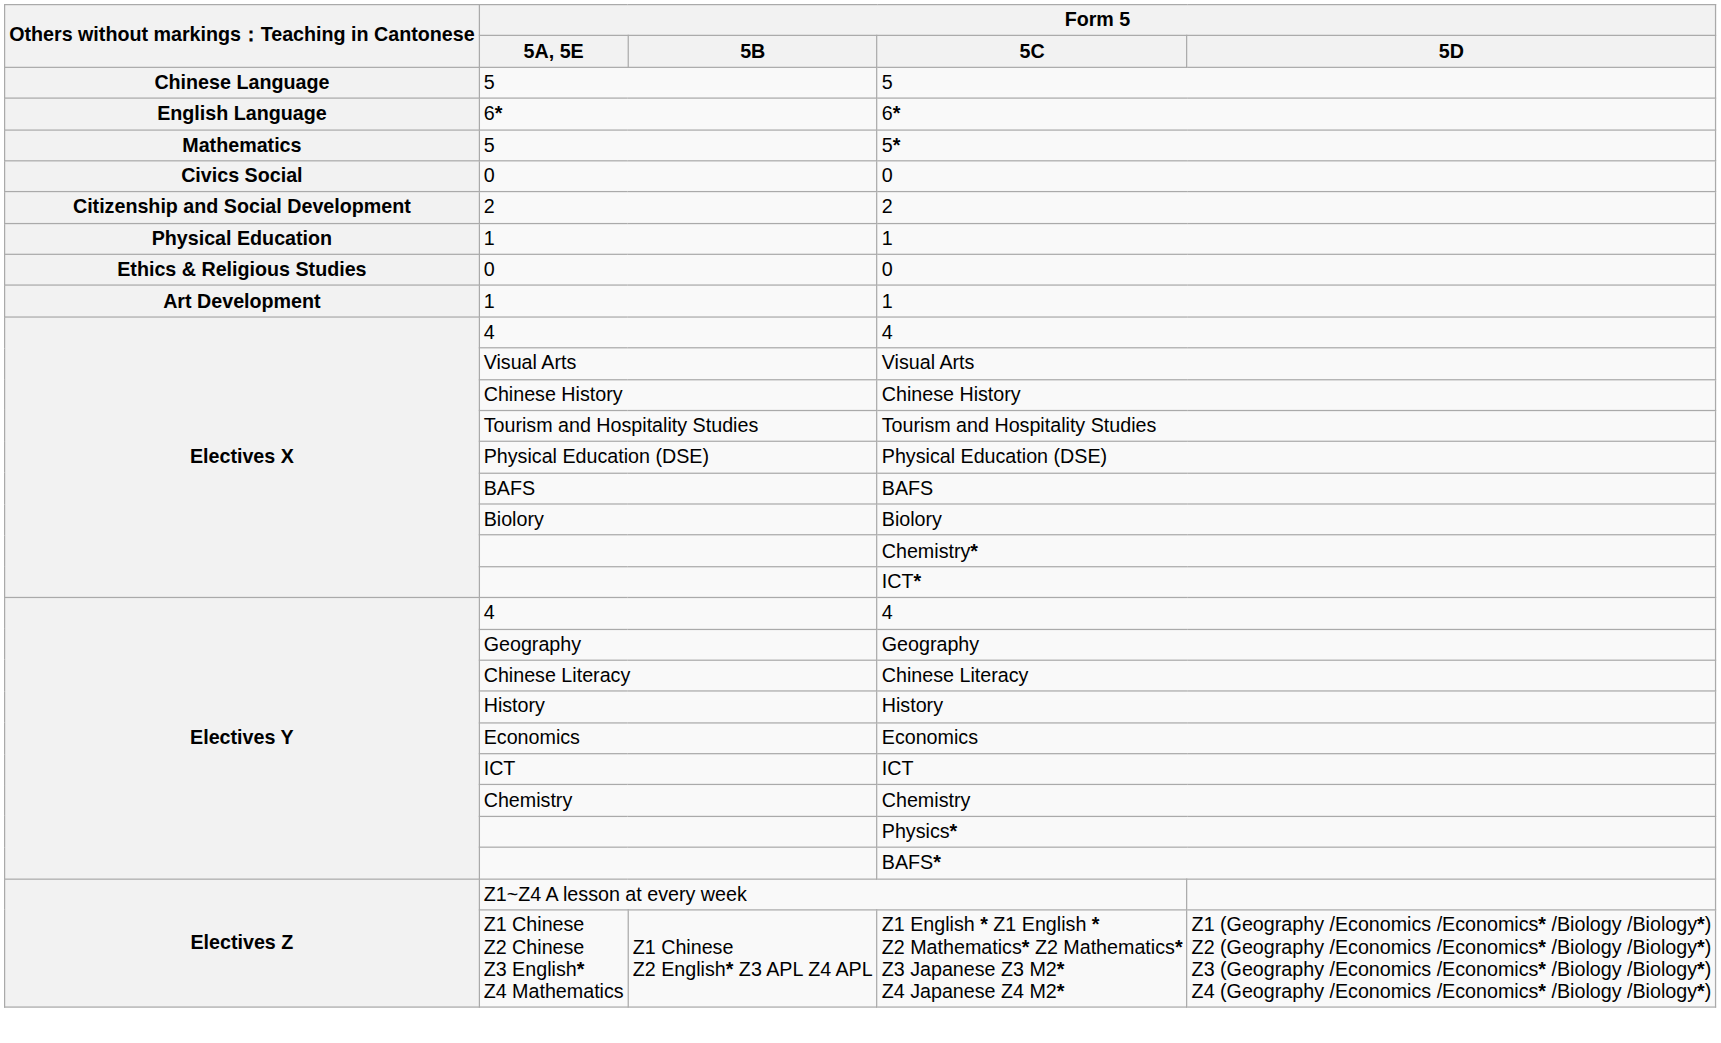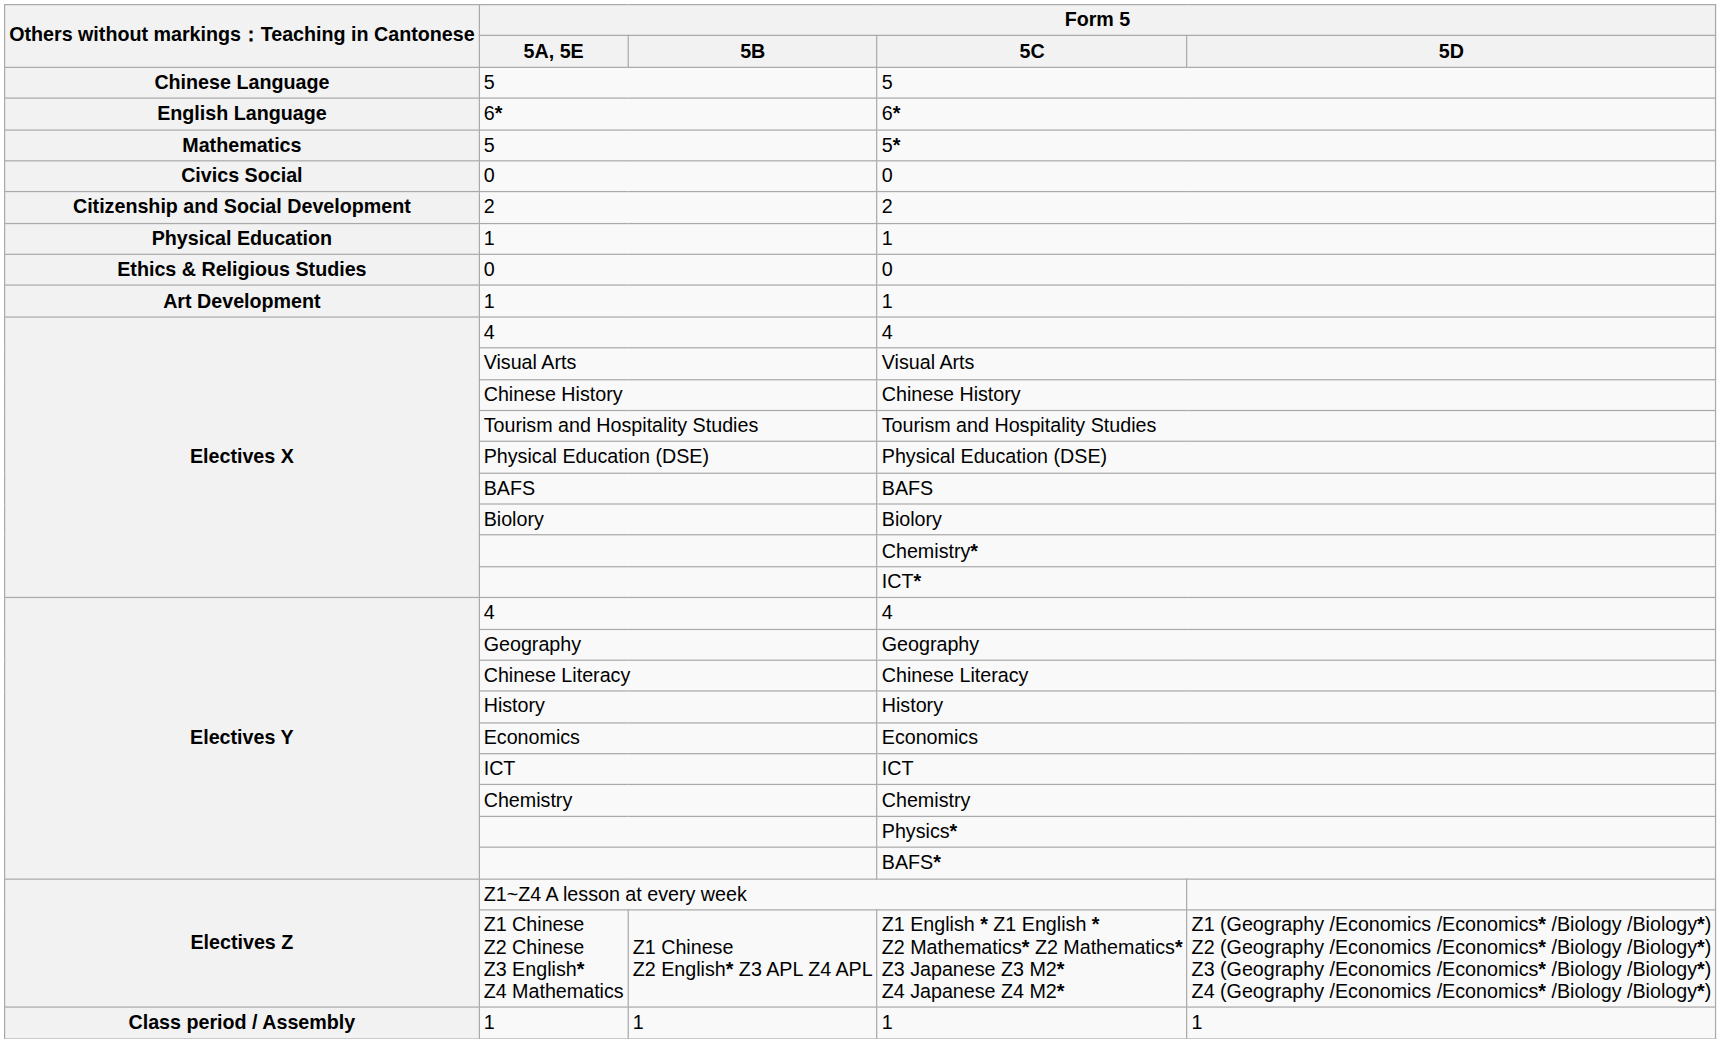 <table class="wikitable">
 <tr>
 <th rowspan="2">Others without markings<strong>：Teaching in Cantonese</strong></th>
 <th colspan="4">Form 5</th>
 </tr>
 <tr>
 <th>5A, 5E</th>
 <th>5B</th>
 <th>5C</th>
 <th>5D</th>
 </tr>
 <tr>
 <th>Chinese Language</th>
 <td colspan="2">5</td>
 <td colspan="2">5</td>
 </tr>
 <tr>
 <th>English Language</th>
 <td colspan="2">6<strong>*</strong></td>
 <td colspan="2">6<strong>*</strong></td>
 </tr>
 <tr>
 <th>Mathematics</th>
 <td colspan="2">5</td>
 <td colspan="2">5<strong>*</strong></td>
 </tr>
 <tr>
 <th>Civics Social</th>
 <td colspan="2">0</td>
 <td colspan="2">0</td>
 </tr>
 <tr>
 <th>Citizenship and Social Development</th>
 <td colspan="2">2</td>
 <td colspan="2">2</td>
 </tr>
 <tr>
 <th>Physical Education</th>
 <td colspan="2">1</td>
 <td colspan="2">1</td>
 </tr>
 <tr>
 <th>Ethics & Religious Studies</th>
 <td colspan="2">0</td>
 <td colspan="2">0</td>
 </tr>
 <tr>
 <th>Art Development</th>
 <td colspan="2">1</td>
 <td colspan="2">1</td>
 </tr>
 <tr>
 <th rowspan="9">Electives X</th>
 <td colspan="2">4</td>
 <td colspan="2">4</td>
 </tr>
 <tr>
 <td colspan="2">Visual Arts</td>
 <td colspan="2">Visual Arts</td>
 </tr>
 <tr>
 <td colspan="2">Chinese History</td>
 <td colspan="2">Chinese History</td>
 </tr>
 <tr>
 <td colspan="2">Tourism and Hospitality Studies</td>
 <td colspan="2">Tourism and Hospitality Studies</td>
 </tr>
 <tr>
 <td colspan="2">Physical Education (DSE)</td>
 <td colspan="2">Physical Education (DSE)</td>
 </tr>
 <tr>
 <td colspan="2">BAFS</td>
 <td colspan="2">BAFS</td>
 </tr>
 <tr>
 <td colspan="2">Biolory</td>
 <td colspan="2">Biolory</td>
 </tr>
 <tr>
 <td colspan="2"></td>
 <td colspan="2">Chemistry<strong>*</strong></td>
 </tr>
 <tr>
 <td colspan="2"></td>
 <td colspan="2">ICT<strong>*</strong></td>
 </tr>
 <tr>
 <th rowspan="9">Electives Y</th>
 <td colspan="2">4</td>
 <td colspan="2">4</td>
 </tr>
 <tr>
 <td colspan="2">Geography</td>
 <td colspan="2">Geography</td>
 </tr>
 <tr>
 <td colspan="2">Chinese Literacy</td>
 <td colspan="2">Chinese Literacy</td>
 </tr>
 <tr>
 <td colspan="2">History</td>
 <td colspan="2">History</td>
 </tr>
 <tr>
 <td colspan="2">Economics</td>
 <td colspan="2">Economics</td>
 </tr>
 <tr>
 <td colspan="2">ICT</td>
 <td colspan="2">ICT</td>
 </tr>
 <tr>
 <td colspan="2">Chemistry</td>
 <td colspan="2">Chemistry</td>
 </tr>
 <tr>
 <td colspan="2"></td>
 <td colspan="2">Physics<strong>*</strong></td>
 </tr>
 <tr>
 <td colspan="2"></td>
 <td colspan="2">BAFS<strong>*</strong></td>
 </tr>
 <tr>
 <th rowspan="2">Electives Z</th>
 <td colspan="3">Z1~Z4 A lesson at every week</td>
 <td></td>
 </tr>
 <tr>
 <td>Z1 Chinese<br>Z2 Chinese<br>Z3 English<strong>*</strong><br>Z4 Mathematics</td>
 <td>Z1 Chinese<br>Z2 English<strong>*</strong> Z3 APL Z4 APL</td>
 <td>Z1 English <strong>*</strong>            Z1 English <strong>*</strong><br>Z2 Mathematics<strong>*</strong>    Z2 Mathematics<strong>*</strong><br>Z3 Japanese          Z3 M2<strong>*</strong><br>Z4 Japanese          Z4 M2<strong>*</strong></td>
 <td>Z1 (Geography /Economics /Economics<strong>*</strong> /Biology /Biology<strong>*</strong>)<br>Z2 (Geography /Economics /Economics<strong>*</strong> /Biology /Biology<strong>*</strong>)<br>Z3 (Geography /Economics /Economics<strong>*</strong> /Biology /Biology<strong>*</strong>)<br>Z4 (Geography /Economics /Economics<strong>*</strong> /Biology /Biology<strong>*</strong>)</td>
 </tr>
+<tr>
+<th>Class period / Assembly</th>
+<td>1</td>
+<td>1</td>
+<td>1</td>
+<td>1</td>
+</tr>
 </table>
